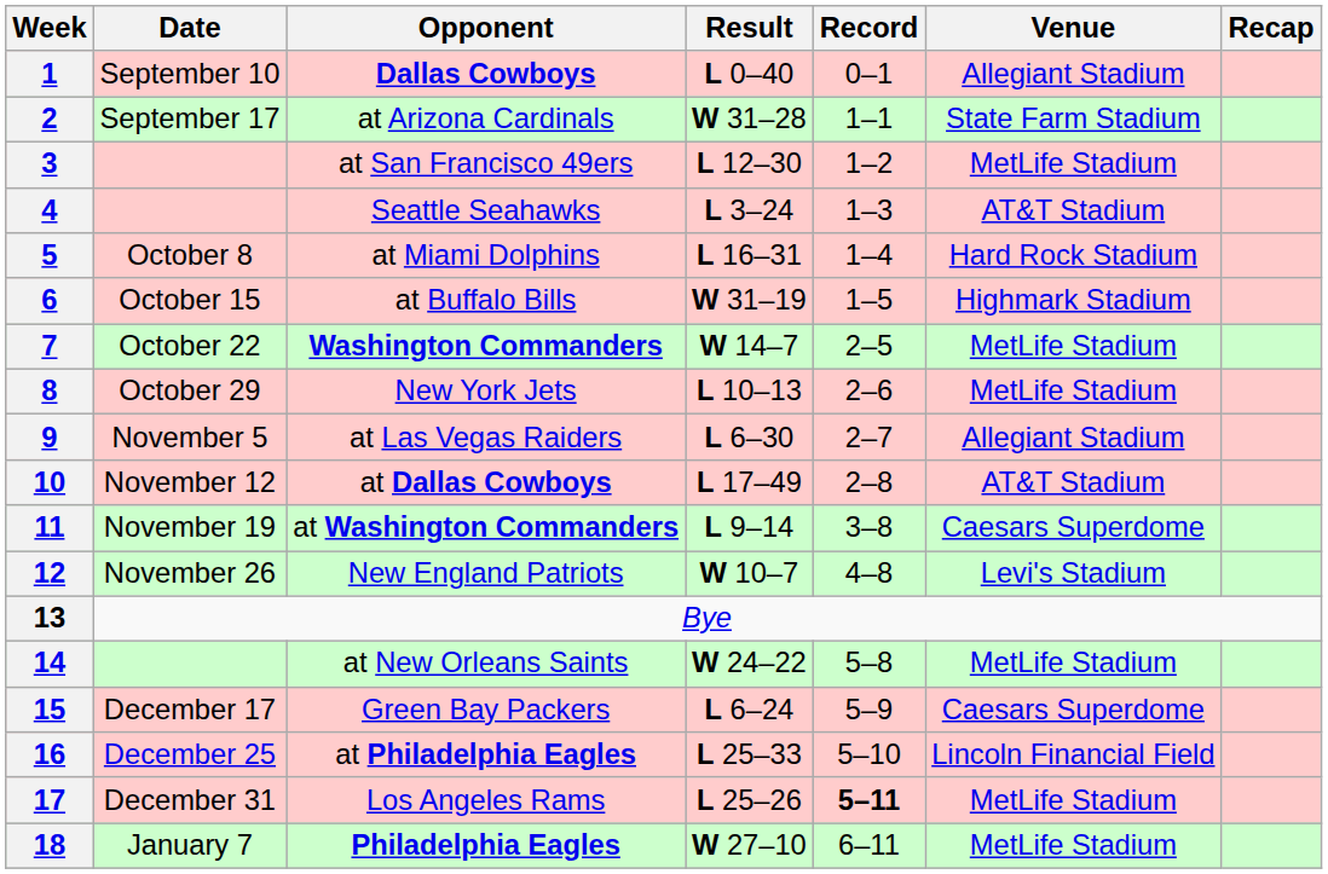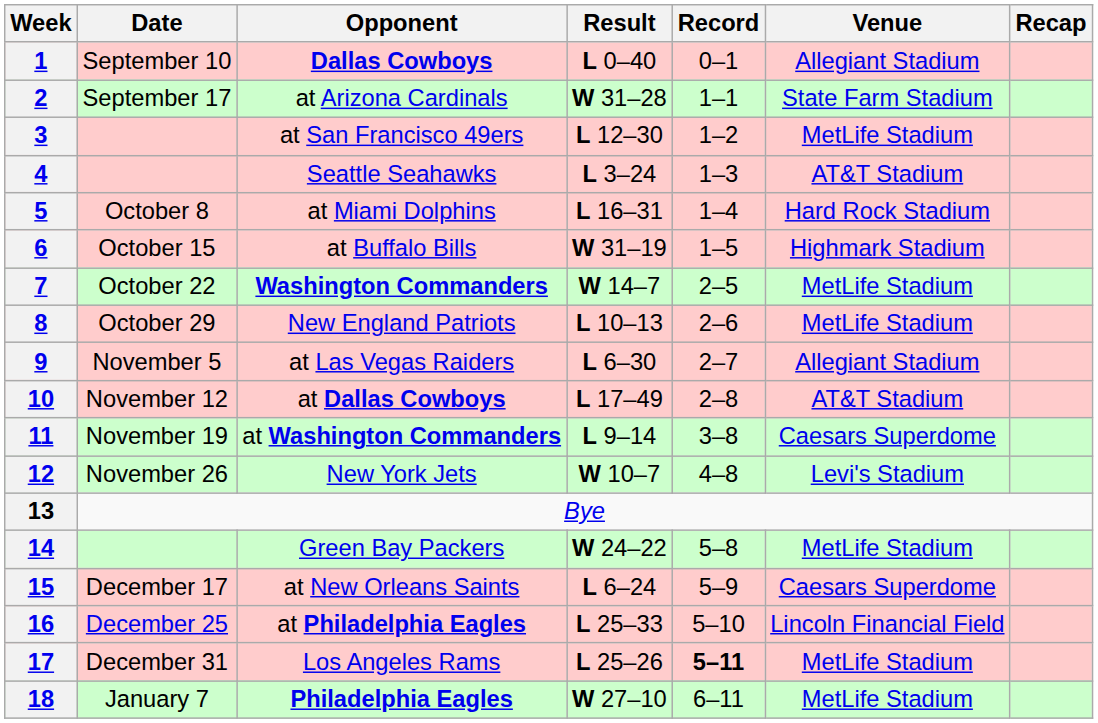 <table class="wikitable" style="text-align:center">
 <tr>
 <th>Week</th>
 <th>Date</th>
 <th>Opponent</th>
 <th>Result</th>
 <th>Record</th>
 <th>Venue</th>
 <th>Recap</th>
 </tr>
 <tr style="background:#fcc">
 <th><a href='#'>1</a></th>
 <td>September 10</td>
 <td><strong><a href='#'>Dallas Cowboys</a></strong></td>
 <td><strong>L</strong> 0–40</td>
 <td>0–1</td>
 <td><a href='#'>Allegiant Stadium</a></td>
 <td></td>
 </tr>
 <tr style="background:#cfc">
 <th><a href='#'>2</a></th>
 <td>September 17</td>
 <td>at <a href='#'>Arizona Cardinals</a></td>
 <td><strong>W</strong> 31–28</td>
 <td>1–1</td>
 <td><a href='#'>State Farm Stadium</a></td>
 <td></td>
 </tr>
 <tr style="background:#fcc">
 <th><a href='#'>3</a></th>
 <td></td>
 <td>at <a href='#'>San Francisco 49ers</a></td>
 <td><strong>L</strong> 12–30</td>
 <td>1–2</td>
 <td><a href='#'>MetLife Stadium</a></td>
 <td></td>
 </tr>
 <tr style="background:#fcc">
 <th><a href='#'>4</a></th>
 <td></td>
 <td><a href='#'>Seattle Seahawks</a></td>
 <td><strong>L</strong> 3–24</td>
 <td>1–3</td>
 <td><a href='#'>AT&T Stadium</a></td>
 <td></td>
 </tr>
 <tr style="background:#fcc">
 <th><a href='#'>5</a></th>
 <td>October 8</td>
 <td>at <a href='#'>Miami Dolphins</a></td>
 <td><strong>L</strong> 16–31</td>
 <td>1–4</td>
 <td><a href='#'>Hard Rock Stadium</a></td>
 <td></td>
 </tr>
 <tr style="background:#fcc">
 <th><a href='#'>6</a></th>
 <td>October 15</td>
 <td>at <a href='#'>Buffalo Bills</a></td>
 <td><strong>W</strong> 31–19</td>
 <td>1–5</td>
 <td><a href='#'>Highmark Stadium</a></td>
 <td></td>
 </tr>
 <tr style="background:#cfc">
 <th><a href='#'>7</a></th>
 <td>October 22</td>
 <td><strong><a href='#'>Washington Commanders</a></strong></td>
 <td><strong>W</strong> 14–7</td>
 <td>2–5</td>
 <td><a href='#'>MetLife Stadium</a></td>
 <td></td>
 </tr>
 <tr style="background:#fcc">
 <th><a href='#'>8</a></th>
 <td>October 29</td>
-<td><a href='#'>New York Jets</a></td>
+<td><a href='#'>New England Patriots</a></td>
 <td><strong>L</strong> 10–13 </td>
 <td>2–6</td>
 <td><a href='#'>MetLife Stadium</a></td>
 <td></td>
 </tr>
 <tr style="background:#fcc">
 <th><a href='#'>9</a></th>
 <td>November 5</td>
 <td>at <a href='#'>Las Vegas Raiders</a></td>
 <td><strong>L</strong> 6–30</td>
 <td>2–7</td>
 <td><a href='#'>Allegiant Stadium</a></td>
 <td></td>
 </tr>
 <tr style="background:#fcc">
 <th><a href='#'>10</a></th>
 <td>November 12</td>
 <td>at <strong><a href='#'>Dallas Cowboys</a></strong></td>
 <td><strong>L</strong> 17–49</td>
 <td>2–8</td>
 <td><a href='#'>AT&T Stadium</a></td>
 <td></td>
 </tr>
 <tr style="background:#cfc">
 <th><a href='#'>11</a></th>
 <td>November 19</td>
 <td>at <strong><a href='#'>Washington Commanders</a></strong></td>
 <td><strong>L</strong> 9–14</td>
 <td>3–8</td>
 <td><a href='#'>Caesars Superdome</a></td>
 <td></td>
 </tr>
 <tr style="background:#cfc">
 <th><a href='#'>12</a></th>
 <td>November 26</td>
-<td><a href='#'>New England Patriots</a></td>
+<td><a href='#'>New York Jets</a></td>
 <td><strong>W</strong> 10–7</td>
 <td>4–8</td>
 <td><a href='#'>Levi's Stadium</a></td>
 <td></td>
 </tr>
 <tr>
 <th>13</th>
 <td colspan=8><em><a href='#'>Bye</a></em></td>
 </tr>
 <tr style="background:#cfc">
 <th><a href='#'>14</a></th>
 <td></td>
-<td>at <a href='#'>New Orleans Saints</a></td>
+<td><a href='#'>Green Bay Packers</a></td>
 <td><strong>W</strong> 24–22</td>
 <td>5–8</td>
 <td><a href='#'>MetLife Stadium</a></td>
 <td></td>
 </tr>
 <tr style="background:#fcc">
 <th><a href='#'>15</a></th>
 <td>December 17</td>
-<td><a href='#'>Green Bay Packers</a></td>
+<td>at <a href='#'>New Orleans Saints</a></td>
 <td><strong>L</strong> 6–24</td>
 <td>5–9</td>
 <td><a href='#'>Caesars Superdome</a></td>
 <td></td>
 </tr>
 <tr style="background:#fcc">
 <th><a href='#'>16</a></th>
 <td><a href='#'>December 25</a></td>
 <td>at <strong><a href='#'>Philadelphia Eagles</a></strong></td>
 <td><strong>L</strong> 25–33</td>
 <td>5–10</td>
 <td><a href='#'>Lincoln Financial Field</a></td>
 <td></td>
 </tr>
 <tr style="background:#fcc">
 <th><a href='#'>17</a></th>
 <td>December 31</td>
 <td><a href='#'>Los Angeles Rams</a></td>
 <td><strong>L</strong> 25–26</td>
 <td><strong>5–11</strong></td>
 <td><a href='#'>MetLife Stadium</a></td>
 <td></td>
 </tr>
 <tr style="background:#cfc">
 <th><a href='#'>18</a></th>
 <td>January 7</td>
 <td><strong><a href='#'>Philadelphia Eagles</a></strong></td>
 <td><strong>W</strong> 27–10</td>
 <td>6–11</td>
 <td><a href='#'>MetLife Stadium</a></td>
 <td></td>
 </tr>
 </table>
